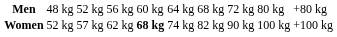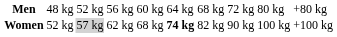 <table>
 <tr>
 <th>Men</th>
 <td>48 kg</td>
 <td>52 kg</td>
 <td>56 kg</td>
 <td>60 kg</td>
 <td>64 kg</td>
 <td>68 kg</td>
 <td>72 kg</td>
 <td>80 kg</td>
 <td>+80 kg</td>
 </tr>
 <tr>
 <td><strong>Women</strong></td>
 <td>52 kg</td>
-<td>57 kg</td>
+<td style="background: lightgrey;">57 kg</td>
 <td>62 kg</td>
-<td><strong>68 kg</strong></td>
-<td>74 kg</td>
+<td>68 kg</td>
+<td><strong>74 kg</strong></td>
 <td>82 kg</td>
 <td>90 kg</td>
 <td>100 kg</td>
 <td>+100 kg</td>
 </tr>
 </table>
